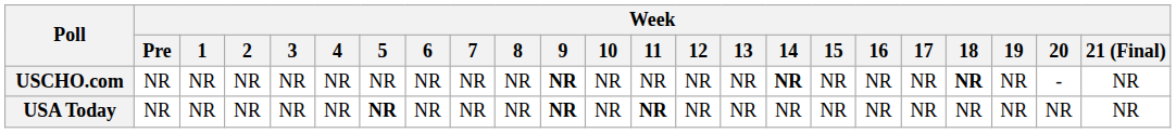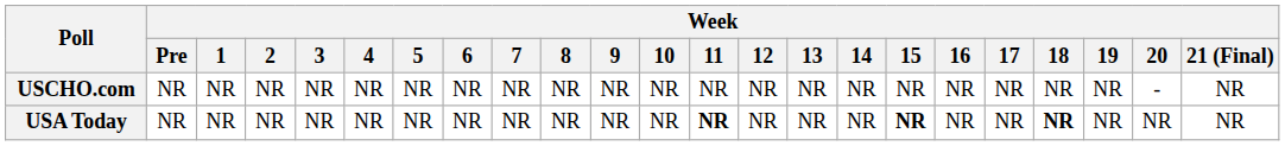 <table class="wikitable" style="white-space:nowrap;">
 <tr>
 <th scope="col" width="100" rowspan="2">Poll</th>
 <th colspan="25">Week</th>
 </tr>
 <tr>
 <th scope="col" width="30">Pre</th>
 <th scope="col" width="30">1</th>
 <th scope="col" width="30">2</th>
 <th scope="col" width="30">3</th>
 <th scope="col" width="30">4</th>
 <th scope="col" width="30">5</th>
 <th scope="col" width="30">6</th>
 <th scope="col" width="30">7</th>
 <th scope="col" width="30">8</th>
 <th scope="col" width="30">9</th>
 <th scope="col" width="30">10</th>
 <th scope="col" width="30">11</th>
 <th scope="col" width="30">12</th>
 <th scope="col" width="30">13</th>
 <th scope="col" width="30">14</th>
 <th scope="col" width="30">15</th>
 <th scope="col" width="30">16</th>
 <th scope="col" width="30">17</th>
 <th scope="col" width="30">18</th>
 <th scope="col" width="30">19</th>
 <th scope="col" width="30">20</th>
 <th scope="col" width="30">21 (Final)</th>
 </tr>
 <tr style="text-align:center;">
 <th>USCHO.com</th>
 <td bgcolor=FFFFFF>NR</td>
 <td bgcolor=FFFFFF>NR</td>
 <td bgcolor=FFFFFF>NR</td>
 <td bgcolor=FFFFFF>NR</td>
 <td bgcolor=FFFFFF>NR</td>
 <td bgcolor=FFFFFF>NR</td>
 <td bgcolor=FFFFFF>NR</td>
 <td bgcolor=FFFFFF>NR</td>
 <td bgcolor=FFFFFF>NR</td>
-<td bgcolor=FFFFFF><strong>NR</strong></td>
 <td bgcolor=FFFFFF>NR</td>
 <td bgcolor=FFFFFF>NR</td>
 <td bgcolor=FFFFFF>NR</td>
 <td bgcolor=FFFFFF>NR</td>
-<td bgcolor=FFFFFF><strong>NR</strong></td>
 <td bgcolor=FFFFFF>NR</td>
 <td bgcolor=FFFFFF>NR</td>
 <td bgcolor=FFFFFF>NR</td>
-<td bgcolor=FFFFFF><strong>NR</strong></td>
+<td bgcolor=FFFFFF>NR</td>
+<td bgcolor=FFFFFF>NR</td>
+<td bgcolor=FFFFFF>NR</td>
 <td bgcolor=FFFFFF>NR</td>
 <td bgcolor=FFFFFF>-</td>
 <td bgcolor=FFFFFF>NR</td>
 </tr>
 <tr style="text-align:center;">
 <th>USA Today</th>
 <td bgcolor=FFFFFF>NR</td>
 <td bgcolor=FFFFFF>NR</td>
 <td bgcolor=FFFFFF>NR</td>
 <td bgcolor=FFFFFF>NR</td>
 <td bgcolor=FFFFFF>NR</td>
+<td bgcolor=FFFFFF>NR</td>
+<td bgcolor=FFFFFF>NR</td>
+<td bgcolor=FFFFFF>NR</td>
+<td bgcolor=FFFFFF>NR</td>
+<td bgcolor=FFFFFF>NR</td>
+<td bgcolor=FFFFFF>NR</td>
 <td bgcolor=FFFFFF><strong>NR</strong></td>
 <td bgcolor=FFFFFF>NR</td>
 <td bgcolor=FFFFFF>NR</td>
 <td bgcolor=FFFFFF>NR</td>
 <td bgcolor=FFFFFF><strong>NR</strong></td>
 <td bgcolor=FFFFFF>NR</td>
+<td bgcolor=FFFFFF>NR</td>
 <td bgcolor=FFFFFF><strong>NR</strong></td>
-<td bgcolor=FFFFFF>NR</td>
-<td bgcolor=FFFFFF>NR</td>
-<td bgcolor=FFFFFF>NR</td>
-<td bgcolor=FFFFFF>NR</td>
-<td bgcolor=FFFFFF>NR</td>
-<td bgcolor=FFFFFF>NR</td>
-<td bgcolor=FFFFFF>NR</td>
 <td bgcolor=FFFFFF>NR</td>
 <td bgcolor=FFFFFF>NR</td>
 <td bgcolor=FFFFFF>NR</td>
 </tr>
 </table>
